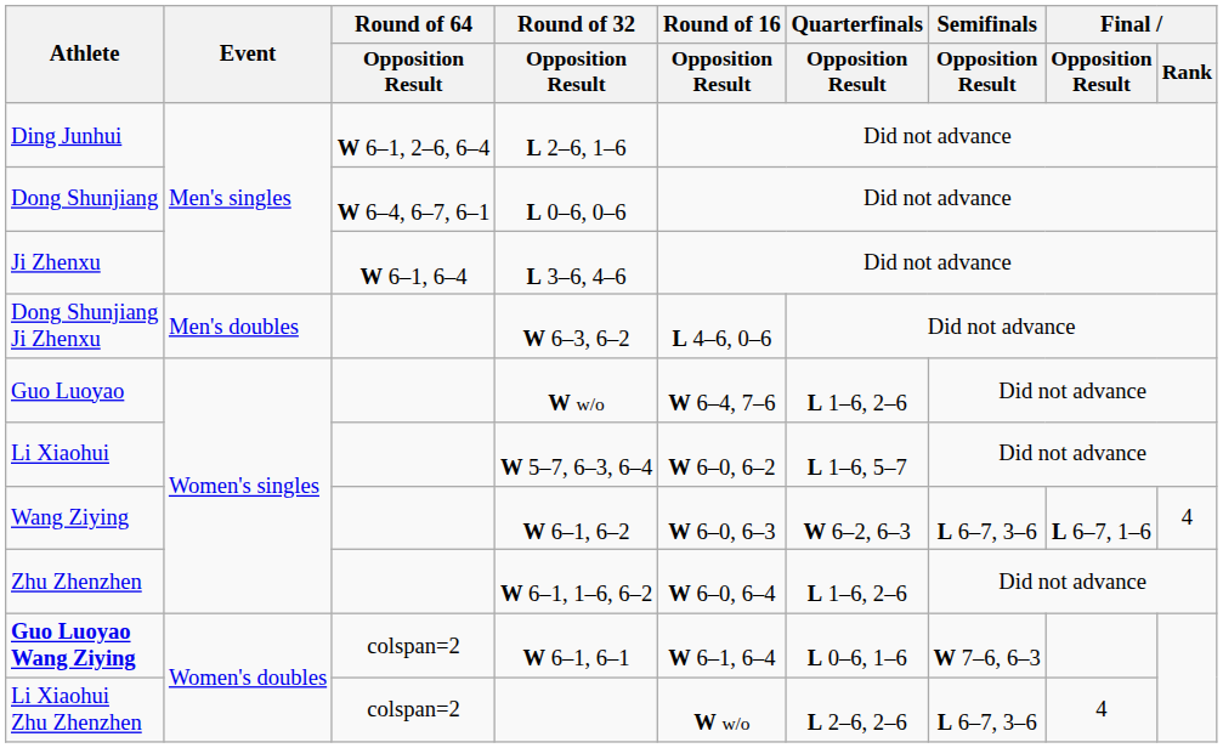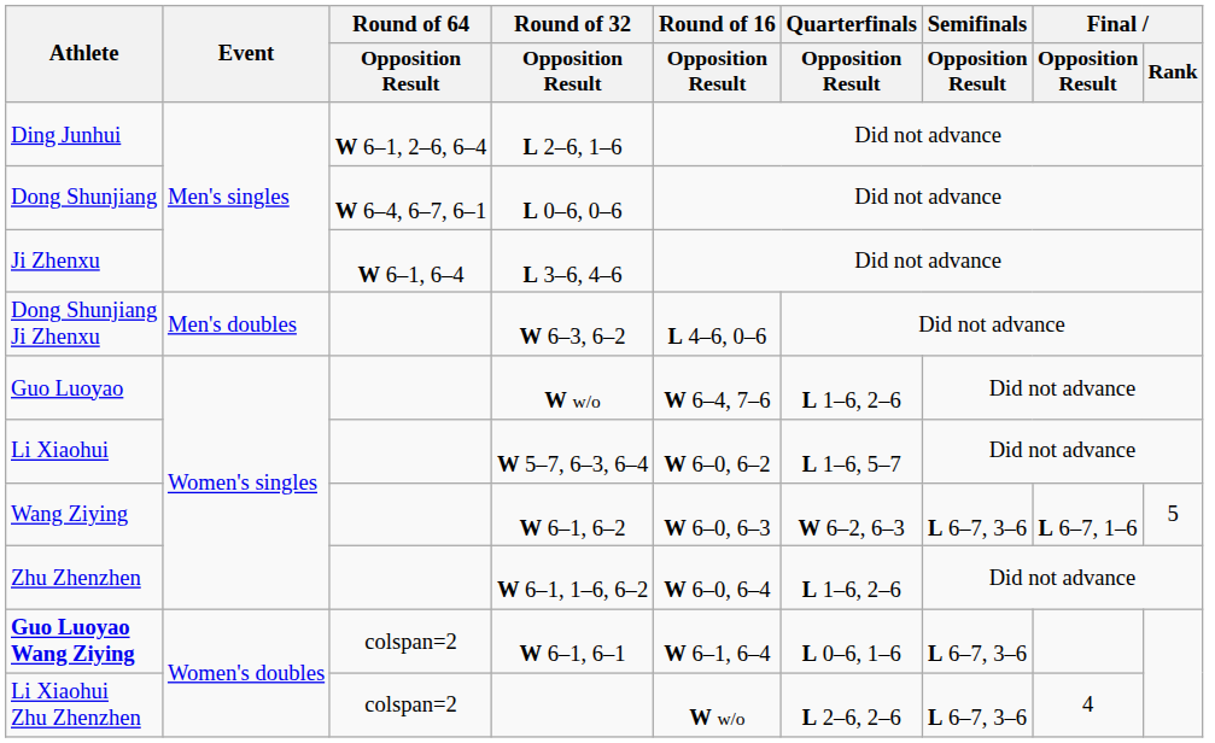 <table class="wikitable" style="font-size:90%;">
 <tr>
 <th rowspan=2>Athlete</th>
 <th rowspan=2>Event</th>
 <th>Round of 64</th>
 <th>Round of 32</th>
 <th>Round of 16</th>
 <th>Quarterfinals</th>
 <th>Semifinals</th>
 <th colspan=2>Final / </th>
 </tr>
 <tr style="font-size:95%">
 <th>Opposition<br>Result</th>
 <th>Opposition<br>Result</th>
 <th>Opposition<br>Result</th>
 <th>Opposition<br>Result</th>
 <th>Opposition<br>Result</th>
 <th>Opposition<br>Result</th>
 <th>Rank</th>
 </tr>
 <tr align=center>
 <td align=left><a href='#'>Ding Junhui</a></td>
 <td rowspan=3 align=left><a href='#'>Men's singles</a></td>
 <td><br><strong>W</strong> 6–1, 2–6, 6–4</td>
 <td><br><strong>L</strong> 2–6, 1–6</td>
 <td colspan=5>Did not advance</td>
 </tr>
 <tr align=center>
 <td align=left><a href='#'>Dong Shunjiang</a></td>
 <td><br><strong>W</strong> 6–4, 6–7, 6–1</td>
 <td><br><strong>L</strong> 0–6, 0–6</td>
 <td colspan=5>Did not advance</td>
 </tr>
 <tr align=center>
 <td align=left><a href='#'>Ji Zhenxu</a></td>
 <td><br><strong>W</strong> 6–1, 6–4</td>
 <td><br><strong>L</strong> 3–6, 4–6</td>
 <td colspan=5>Did not advance</td>
 </tr>
 <tr align=center>
 <td align=left><a href='#'>Dong Shunjiang</a><br><a href='#'>Ji Zhenxu</a></td>
 <td align=left><a href='#'>Men's doubles</a></td>
 <td></td>
 <td><br><strong>W</strong> 6–3, 6–2</td>
 <td><br><strong>L</strong> 4–6, 0–6</td>
 <td colspan=4>Did not advance</td>
 </tr>
 <tr align=center>
 <td align=left><a href='#'>Guo Luoyao</a></td>
 <td rowspan=4 align=left><a href='#'>Women's singles</a></td>
 <td></td>
 <td><br><strong>W</strong> <small>w/o</small></td>
 <td><br><strong>W</strong> 6–4, 7–6</td>
 <td><br><strong>L</strong> 1–6, 2–6</td>
 <td colspan=3>Did not advance</td>
 </tr>
 <tr align=center>
 <td align=left><a href='#'>Li Xiaohui</a></td>
 <td></td>
 <td><br><strong>W</strong> 5–7, 6–3, 6–4</td>
 <td><br><strong>W</strong> 6–0, 6–2</td>
 <td><br><strong>L</strong> 1–6, 5–7</td>
 <td colspan=3>Did not advance</td>
 </tr>
 <tr align=center>
 <td align=left><a href='#'>Wang Ziying</a></td>
 <td></td>
 <td><br><strong>W</strong> 6–1, 6–2</td>
 <td><br><strong>W</strong> 6–0, 6–3</td>
 <td><br><strong>W</strong> 6–2, 6–3</td>
 <td><br><strong>L</strong> 6–7, 3–6</td>
 <td><br><strong>L</strong> 6–7, 1–6</td>
-<td>4</td>
+<td>5</td>
 </tr>
 <tr align=center>
 <td align=left><a href='#'>Zhu Zhenzhen</a></td>
 <td></td>
 <td><br><strong>W</strong> 6–1, 1–6, 6–2</td>
 <td><br><strong>W</strong> 6–0, 6–4</td>
 <td><br><strong>L</strong> 1–6, 2–6</td>
 <td colspan=3>Did not advance</td>
 </tr>
 <tr align=center>
 <td align=left><strong><a href='#'>Guo Luoyao</a></strong><br><strong><a href='#'>Wang Ziying</a></strong></td>
 <td rowspan=2 align=left><a href='#'>Women's doubles</a></td>
 <td>colspan=2 </td>
 <td><br><strong>W</strong> 6–1, 6–1</td>
 <td><br><strong>W</strong> 6–1, 6–4</td>
 <td><br><strong>L</strong> 0–6, 1–6</td>
-<td><br><strong>W</strong> 7–6, 6–3</td>
+<td><br><strong>L</strong> 6–7, 3–6</td>
 <td></td>
 </tr>
 <tr align=center>
 <td align=left><a href='#'>Li Xiaohui</a><br><a href='#'>Zhu Zhenzhen</a></td>
 <td>colspan=2 </td>
 <td></td>
 <td><br><strong>W</strong> <small>w/o</small></td>
 <td><br><strong>L</strong> 2–6, 2–6</td>
 <td><br><strong>L</strong> 6–7, 3–6</td>
 <td>4</td>
 </tr>
 </table>
